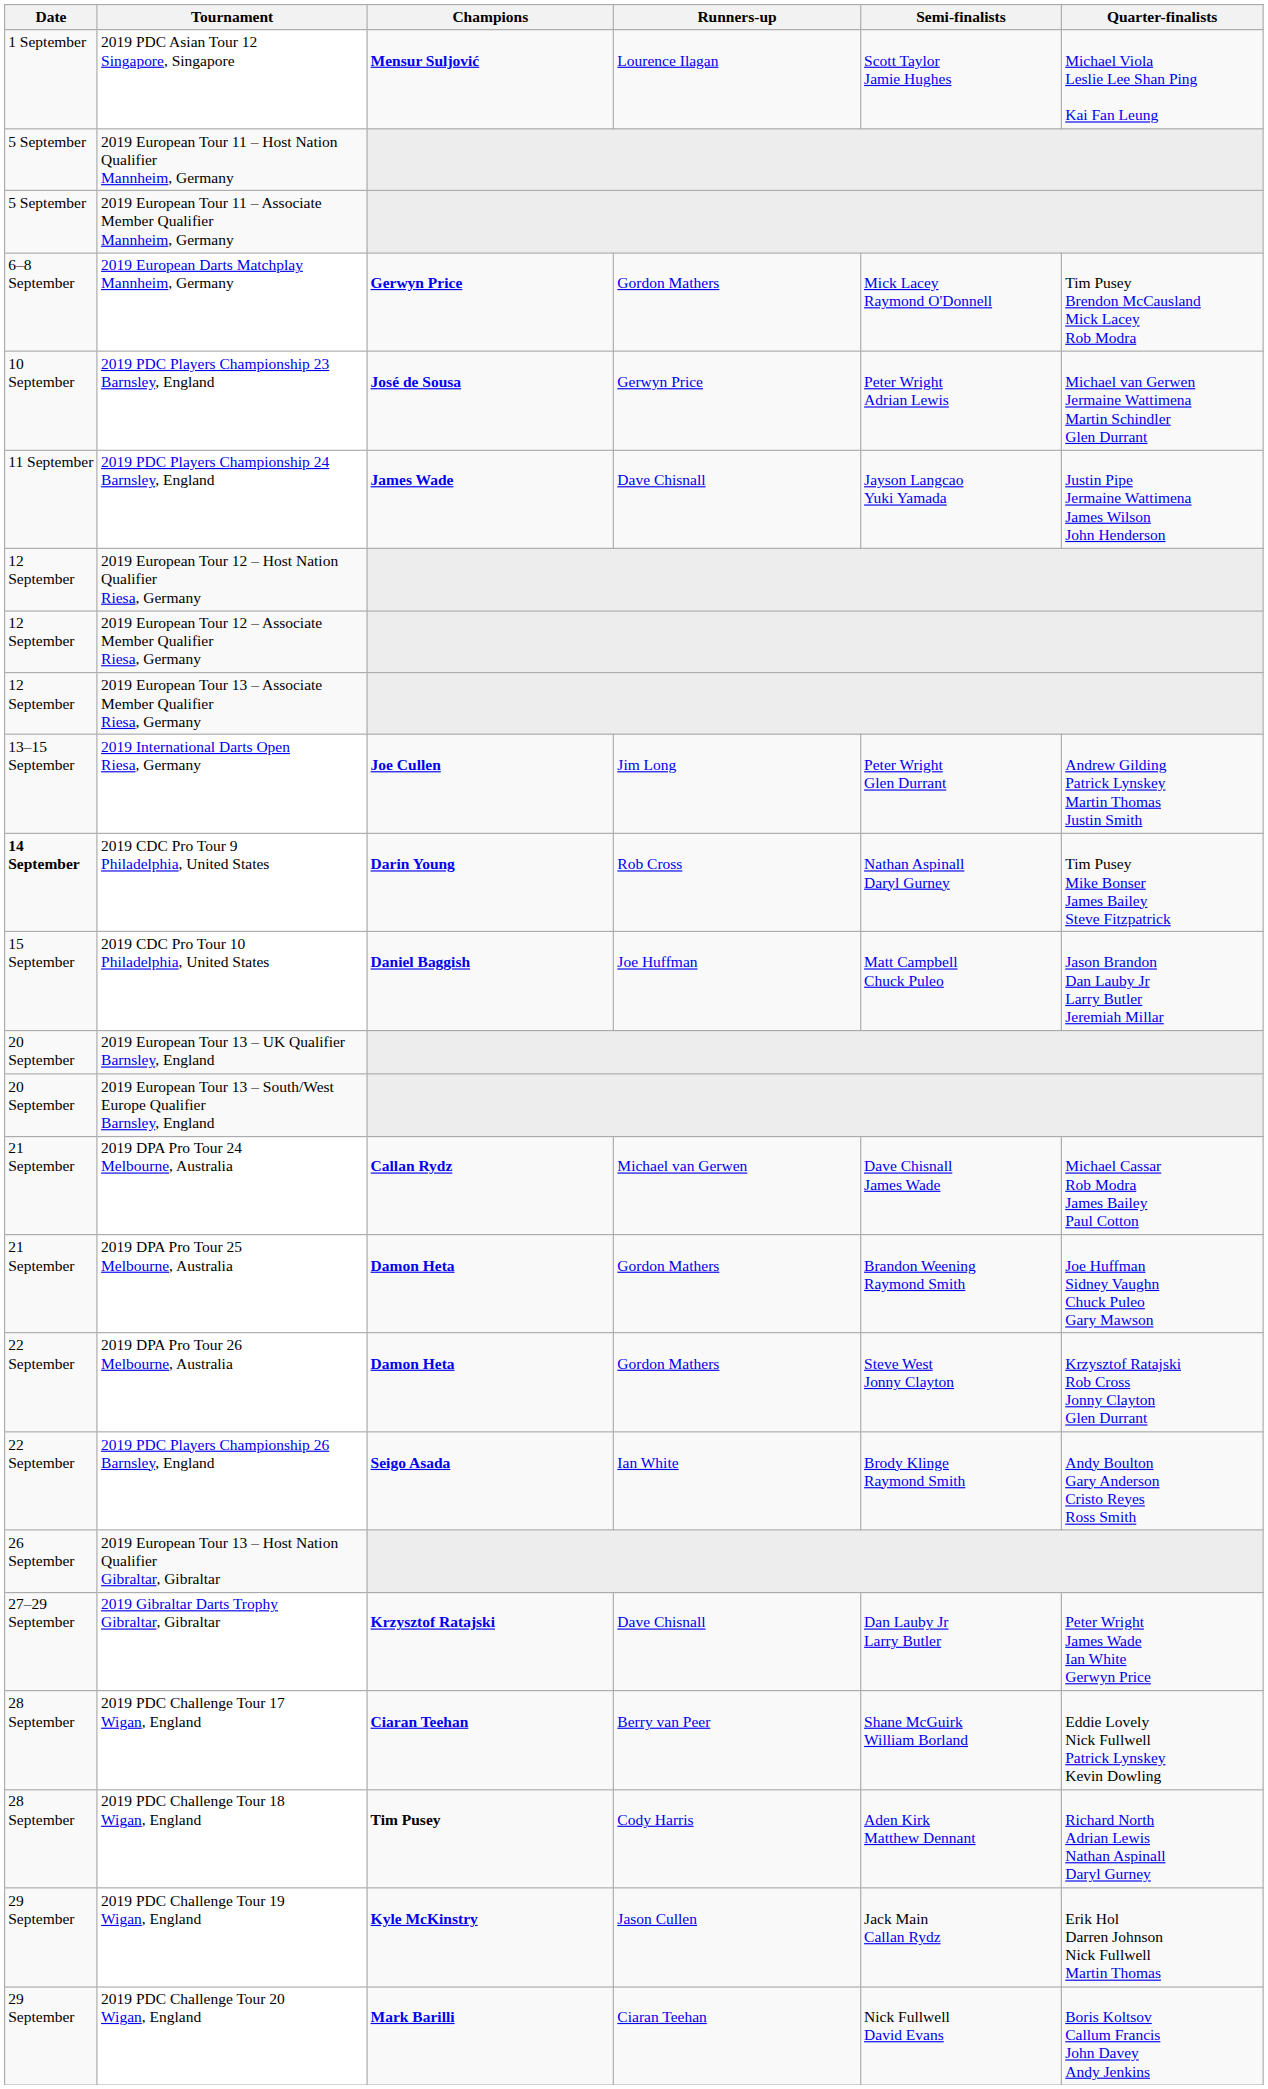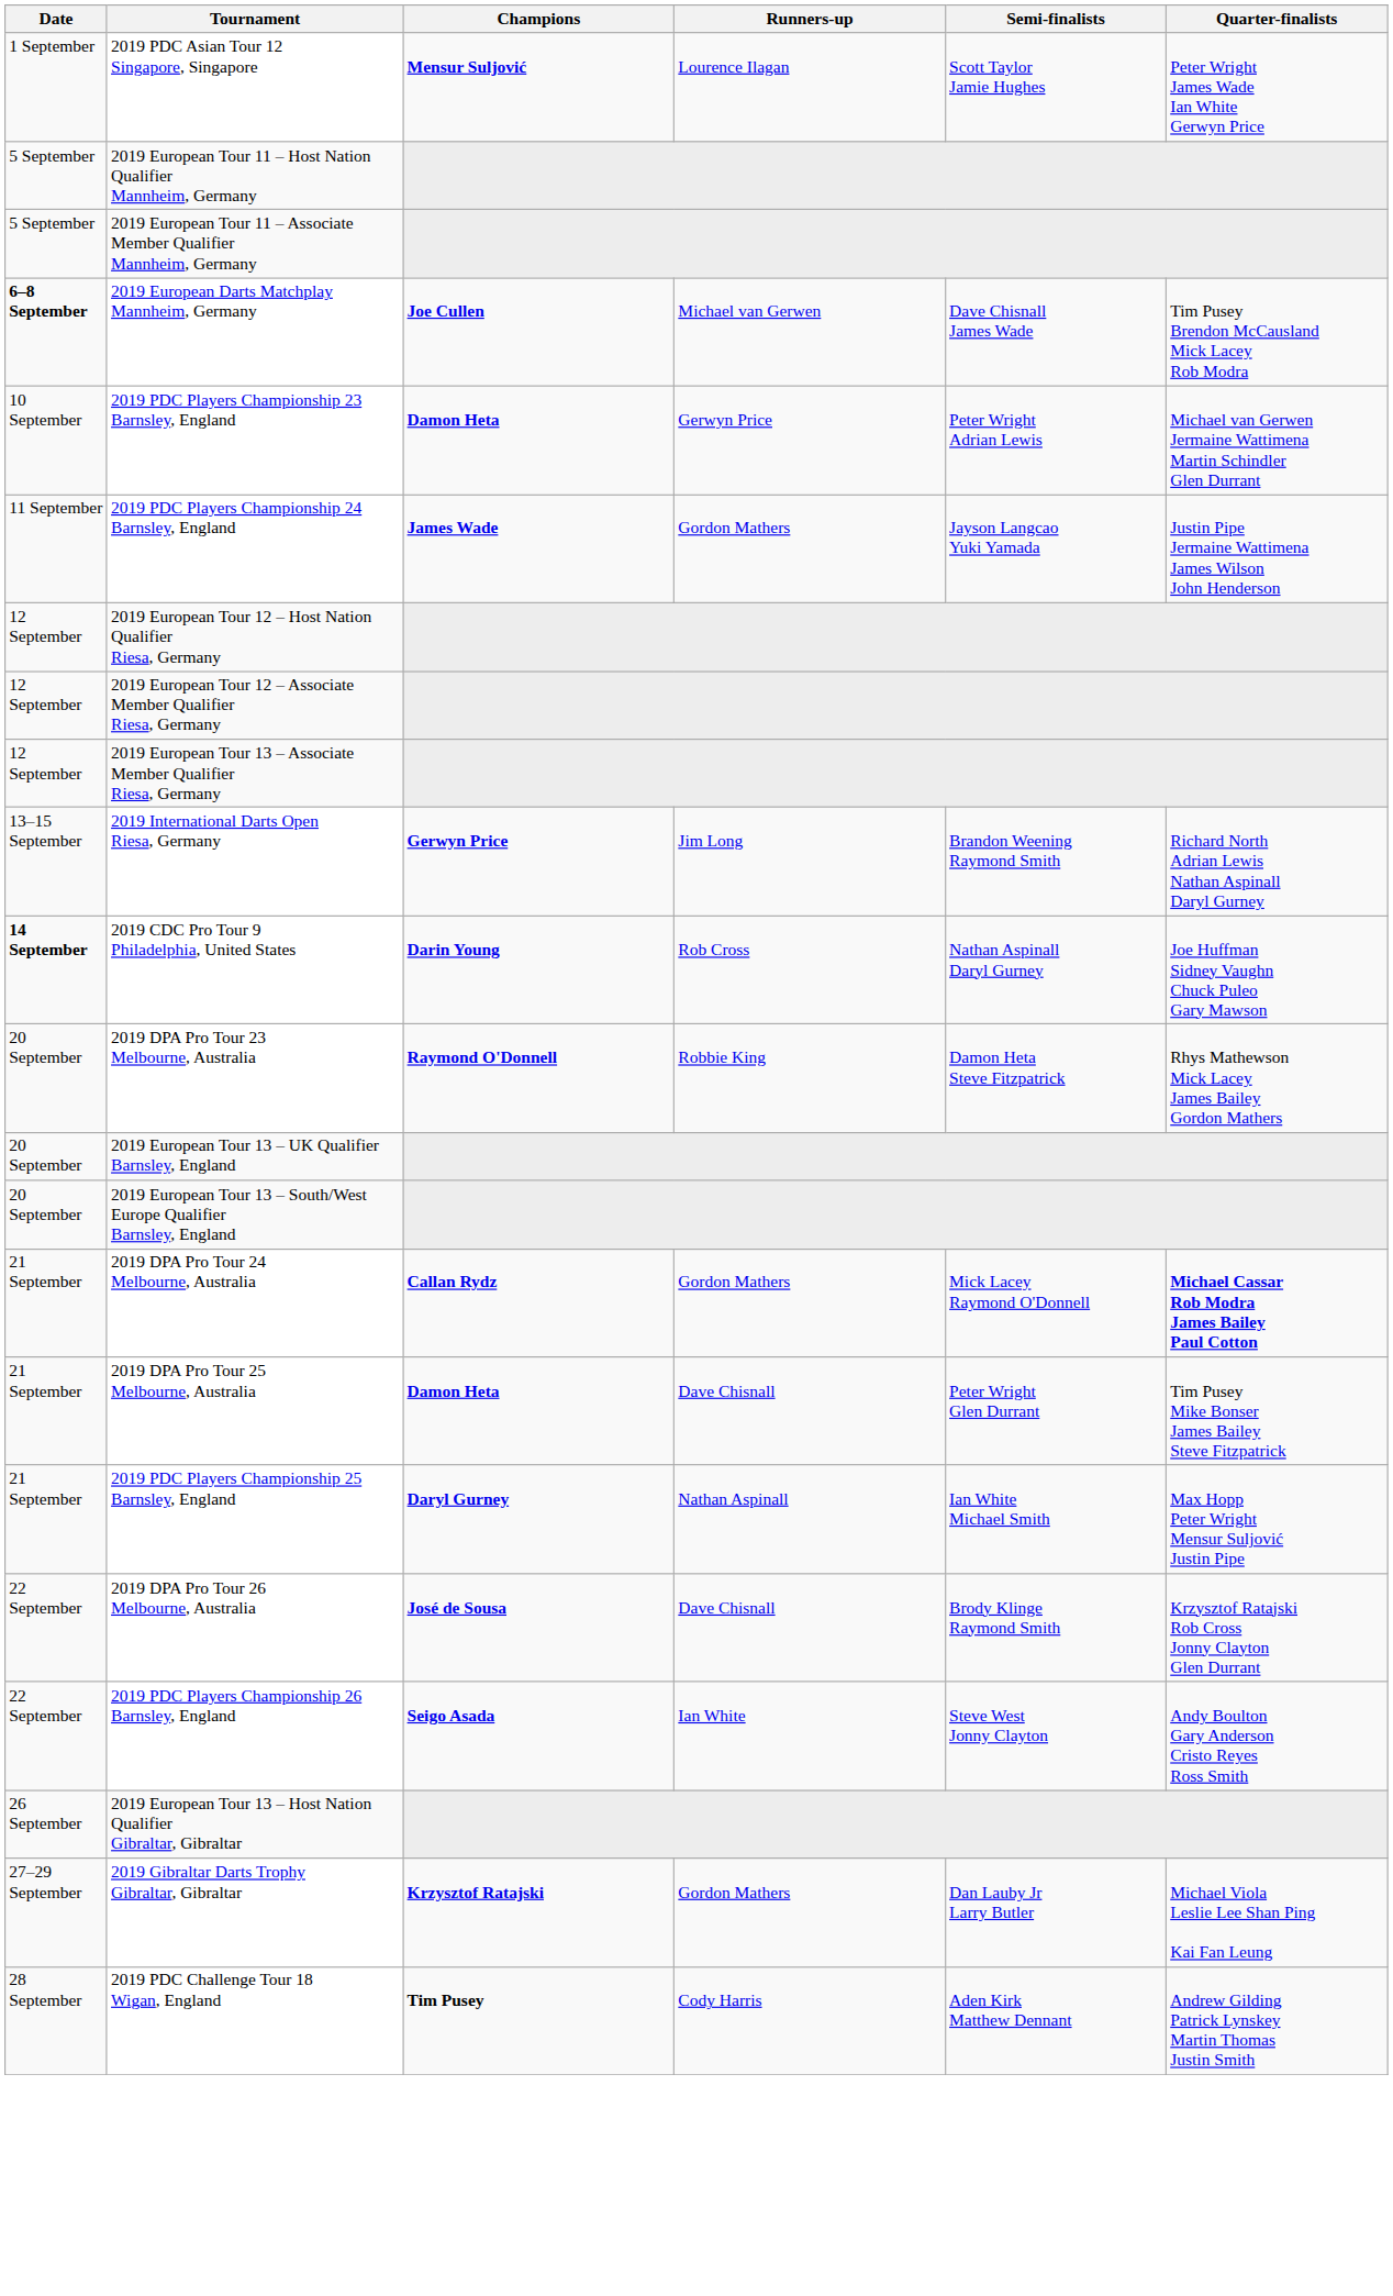 <table class=wikitable style=font-size:85%>
 <tr>
 <th width=75>Date</th>
 <th width=230>Tournament</th>
 <th width=210>Champions</th>
 <th width=210>Runners-up</th>
 <th width=170>Semi-finalists</th>
 <th width=170>Quarter-finalists</th>
 </tr>
 <tr valign="top">
 <td>1 September</td>
 <td bgcolor="#ffffff">2019 PDC Asian Tour 12<br><a href='#'>Singapore</a>, Singapore</td>
 <td><br> <strong><a href='#'>Mensur Suljović</a></strong></td>
 <td><br> <a href='#'>Lourence Ilagan</a></td>
 <td><br> <a href='#'>Scott Taylor</a> <br>  <a href='#'>Jamie Hughes</a></td>
-<td><br> <a href='#'>Michael Viola</a> <br>  <a href='#'>Leslie Lee Shan Ping</a> <br>  <br>  <a href='#'>Kai Fan Leung</a></td>
+<td><br> <a href='#'>Peter Wright</a> <br>  <a href='#'>James Wade</a> <br>  <a href='#'>Ian White</a> <br>  <a href='#'>Gerwyn Price</a></td>
 </tr>
 <tr valign="top">
 <td rowspan=1>5 September</td>
 <td>2019 European Tour 11 – Host Nation Qualifier <br><a href='#'>Mannheim</a>, Germany</td>
 <td colspan=4 bgcolor="#ededed"></td>
 </tr>
 <tr valign="top">
 <td rowspan=1>5 September</td>
 <td>2019 European Tour 11 – Associate Member Qualifier <br><a href='#'>Mannheim</a>, Germany</td>
 <td colspan=4 bgcolor="#ededed"></td>
 </tr>
 <tr valign="top">
-<td>6–8 September</td>
+<td><strong>6–8 September</strong></td>
 <td bgcolor="#ffffff"><a href='#'>2019 European Darts Matchplay</a><br><a href='#'>Mannheim</a>, Germany</td>
-<td><br> <strong><a href='#'>Gerwyn Price</a></strong></td>
-<td><br> <a href='#'>Gordon Mathers</a></td>
-<td><br> <a href='#'>Mick Lacey</a> <br>  <a href='#'>Raymond O'Donnell</a></td>
+<td><br> <strong><a href='#'>Joe Cullen</a></strong></td>
+<td><br> <a href='#'>Michael van Gerwen</a></td>
+<td><br> <a href='#'>Dave Chisnall</a> <br>  <a href='#'>James Wade</a></td>
 <td><br> Tim Pusey <br>  <a href='#'>Brendon McCausland</a> <br>  <a href='#'>Mick Lacey</a> <br>  <a href='#'>Rob Modra</a></td>
 </tr>
 <tr valign="top">
 <td>10 September</td>
 <td bgcolor="#ffffff"><a href='#'>2019 PDC Players Championship 23</a><br><a href='#'>Barnsley</a>, England</td>
-<td><br> <strong><a href='#'>José de Sousa</a></strong></td>
+<td><br> <strong><a href='#'>Damon Heta</a></strong></td>
 <td><br> <a href='#'>Gerwyn Price</a></td>
 <td><br> <a href='#'>Peter Wright</a> <br>  <a href='#'>Adrian Lewis</a></td>
 <td><br> <a href='#'>Michael van Gerwen</a> <br>  <a href='#'>Jermaine Wattimena</a> <br>  <a href='#'>Martin Schindler</a> <br>  <a href='#'>Glen Durrant</a></td>
 </tr>
 <tr valign="top">
 <td>11 September</td>
 <td bgcolor="#ffffff"><a href='#'>2019 PDC Players Championship 24</a><br><a href='#'>Barnsley</a>, England</td>
 <td><br> <strong><a href='#'>James Wade</a></strong></td>
-<td><br> <a href='#'>Dave Chisnall</a></td>
+<td><br> <a href='#'>Gordon Mathers</a></td>
 <td><br> <a href='#'>Jayson Langcao</a> <br>  <a href='#'>Yuki Yamada</a></td>
 <td><br> <a href='#'>Justin Pipe</a> <br>  <a href='#'>Jermaine Wattimena</a> <br>  <a href='#'>James Wilson</a> <br>  <a href='#'>John Henderson</a></td>
 </tr>
 <tr valign="top">
 <td rowspan=1>12 September</td>
 <td>2019 European Tour 12 – Host Nation Qualifier <br><a href='#'>Riesa</a>, Germany</td>
 <td colspan=4 bgcolor="#ededed"></td>
 </tr>
 <tr valign="top">
 <td rowspan=1>12 September</td>
 <td>2019 European Tour 12 – Associate Member Qualifier <br><a href='#'>Riesa</a>, Germany</td>
 <td colspan=4 bgcolor="#ededed"></td>
 </tr>
 <tr valign="top">
 <td rowspan=1>12 September</td>
 <td>2019 European Tour 13 – Associate Member Qualifier <br><a href='#'>Riesa</a>, Germany</td>
 <td colspan=4 bgcolor="#ededed"></td>
 </tr>
 <tr valign="top">
 <td>13–15 September</td>
 <td bgcolor="#ffffff"><a href='#'>2019 International Darts Open</a><br><a href='#'>Riesa</a>, Germany</td>
-<td><br> <strong><a href='#'>Joe Cullen</a></strong></td>
+<td><br> <strong><a href='#'>Gerwyn Price</a></strong></td>
 <td><br> <a href='#'>Jim Long</a></td>
-<td><br> <a href='#'>Peter Wright</a> <br>  <a href='#'>Glen Durrant</a></td>
-<td><br> <a href='#'>Andrew Gilding</a> <br>  <a href='#'>Patrick Lynskey</a> <br>  <a href='#'>Martin Thomas</a> <br>  <a href='#'>Justin Smith</a></td>
+<td><br> <a href='#'>Brandon Weening</a> <br>  <a href='#'>Raymond Smith</a></td>
+<td><br> <a href='#'>Richard North</a> <br>  <a href='#'>Adrian Lewis</a> <br>  <a href='#'>Nathan Aspinall</a> <br>  <a href='#'>Daryl Gurney</a></td>
 </tr>
 <tr valign="top">
 <td><strong>14 September</strong></td>
 <td bgcolor="#ffffff">2019 CDC Pro Tour 9<br><a href='#'>Philadelphia</a>, United States</td>
 <td><br> <strong><a href='#'>Darin Young</a></strong></td>
 <td><br> <a href='#'>Rob Cross</a></td>
 <td><br> <a href='#'>Nathan Aspinall</a> <br>  <a href='#'>Daryl Gurney</a></td>
-<td><br> Tim Pusey <br>  <a href='#'>Mike Bonser</a> <br>  <a href='#'>James Bailey</a> <br>  <a href='#'>Steve Fitzpatrick</a></td>
+<td><br> <a href='#'>Joe Huffman</a> <br>  <a href='#'>Sidney Vaughn</a> <br>  <a href='#'>Chuck Puleo</a> <br>  <a href='#'>Gary Mawson</a></td>
 </tr>
 <tr valign="top">
-<td>15 September</td>
-<td bgcolor="#ffffff">2019 CDC Pro Tour 10<br><a href='#'>Philadelphia</a>, United States</td>
-<td><br> <strong><a href='#'>Daniel Baggish</a></strong></td>
-<td><br> <a href='#'>Joe Huffman</a></td>
-<td><br> <a href='#'>Matt Campbell</a> <br>  <a href='#'>Chuck Puleo</a></td>
-<td><br> <a href='#'>Jason Brandon</a> <br>  <a href='#'>Dan Lauby Jr</a> <br>  <a href='#'>Larry Butler</a> <br>  <a href='#'>Jeremiah Millar</a></td>
+<td>20 September</td>
+<td bgcolor="#ffffff">2019 DPA Pro Tour 23<br><a href='#'>Melbourne</a>, Australia</td>
+<td><br> <strong><a href='#'>Raymond O'Donnell</a></strong></td>
+<td><br> <a href='#'>Robbie King</a></td>
+<td><br> <a href='#'>Damon Heta</a> <br>  <a href='#'>Steve Fitzpatrick</a></td>
+<td><br> Rhys Mathewson <br>  <a href='#'>Mick Lacey</a> <br>  <a href='#'>James Bailey</a> <br>  <a href='#'>Gordon Mathers</a></td>
 </tr>
 <tr valign="top">
 <td rowspan=1>20 September</td>
 <td>2019 European Tour 13 – UK Qualifier <br><a href='#'>Barnsley</a>, England</td>
 <td colspan=4 bgcolor="#ededed"></td>
 </tr>
 <tr valign="top">
 <td rowspan=1>20 September</td>
 <td>2019 European Tour 13 – South/West Europe Qualifier <br><a href='#'>Barnsley</a>, England</td>
 <td colspan=4 bgcolor="#ededed"></td>
 </tr>
 <tr valign="top">
 <td>21 September</td>
 <td bgcolor="#ffffff">2019 DPA Pro Tour 24<br><a href='#'>Melbourne</a>, Australia</td>
 <td><br> <strong><a href='#'>Callan Rydz</a></strong></td>
-<td><br> <a href='#'>Michael van Gerwen</a></td>
-<td><br> <a href='#'>Dave Chisnall</a> <br>  <a href='#'>James Wade</a></td>
-<td><br> <a href='#'>Michael Cassar</a> <br>  <a href='#'>Rob Modra</a> <br>  <a href='#'>James Bailey</a> <br>  <a href='#'>Paul Cotton</a></td>
+<td><br> <a href='#'>Gordon Mathers</a></td>
+<td><br> <a href='#'>Mick Lacey</a> <br>  <a href='#'>Raymond O'Donnell</a></td>
+<td><strong><br> <a href='#'>Michael Cassar</a> <br>  <a href='#'>Rob Modra</a> <br>  <a href='#'>James Bailey</a> <br>  <a href='#'>Paul Cotton</a></strong></td>
 </tr>
 <tr valign="top">
 <td>21 September</td>
 <td bgcolor="#ffffff">2019 DPA Pro Tour 25<br><a href='#'>Melbourne</a>, Australia</td>
 <td><br> <strong><a href='#'>Damon Heta</a></strong></td>
-<td><br> <a href='#'>Gordon Mathers</a></td>
-<td><br> <a href='#'>Brandon Weening</a> <br>  <a href='#'>Raymond Smith</a></td>
-<td><br> <a href='#'>Joe Huffman</a> <br>  <a href='#'>Sidney Vaughn</a> <br>  <a href='#'>Chuck Puleo</a> <br>  <a href='#'>Gary Mawson</a></td>
+<td><br> <a href='#'>Dave Chisnall</a></td>
+<td><br> <a href='#'>Peter Wright</a> <br>  <a href='#'>Glen Durrant</a></td>
+<td><br> Tim Pusey <br>  <a href='#'>Mike Bonser</a> <br>  <a href='#'>James Bailey</a> <br>  <a href='#'>Steve Fitzpatrick</a></td>
+</tr>
+<tr valign="top">
+<td>21 September</td>
+<td bgcolor="#ffffff"><a href='#'>2019 PDC Players Championship 25</a><br><a href='#'>Barnsley</a>, England</td>
+<td><br> <strong><a href='#'>Daryl Gurney</a></strong></td>
+<td><br> <a href='#'>Nathan Aspinall</a></td>
+<td><br> <a href='#'>Ian White</a> <br>  <a href='#'>Michael Smith</a></td>
+<td><br> <a href='#'>Max Hopp</a> <br>  <a href='#'>Peter Wright</a> <br>  <a href='#'>Mensur Suljović</a> <br>  <a href='#'>Justin Pipe</a></td>
 </tr>
 <tr valign="top">
 <td>22 September</td>
 <td bgcolor="#ffffff">2019 DPA Pro Tour 26<br><a href='#'>Melbourne</a>, Australia</td>
-<td><br> <strong><a href='#'>Damon Heta</a></strong></td>
-<td><br> <a href='#'>Gordon Mathers</a></td>
-<td><br> <a href='#'>Steve West</a> <br>  <a href='#'>Jonny Clayton</a></td>
+<td><br> <strong><a href='#'>José de Sousa</a></strong></td>
+<td><br> <a href='#'>Dave Chisnall</a></td>
+<td><br> <a href='#'>Brody Klinge</a> <br>  <a href='#'>Raymond Smith</a></td>
 <td><br> <a href='#'>Krzysztof Ratajski</a> <br>  <a href='#'>Rob Cross</a> <br>  <a href='#'>Jonny Clayton</a> <br>  <a href='#'>Glen Durrant</a></td>
 </tr>
 <tr valign="top">
 <td>22 September</td>
 <td bgcolor="#ffffff"><a href='#'>2019 PDC Players Championship 26</a><br><a href='#'>Barnsley</a>, England</td>
 <td><br> <strong><a href='#'>Seigo Asada</a></strong></td>
 <td><br> <a href='#'>Ian White</a></td>
-<td><br> <a href='#'>Brody Klinge</a> <br>  <a href='#'>Raymond Smith</a></td>
+<td><br> <a href='#'>Steve West</a> <br>  <a href='#'>Jonny Clayton</a></td>
 <td><br> <a href='#'>Andy Boulton</a> <br>  <a href='#'>Gary Anderson</a> <br>  <a href='#'>Cristo Reyes</a> <br>  <a href='#'>Ross Smith</a></td>
 </tr>
 <tr valign="top">
 <td rowspan=1>26 September</td>
 <td>2019 European Tour 13 – Host Nation Qualifier <br><a href='#'>Gibraltar</a>, Gibraltar</td>
 <td colspan=4 bgcolor="#ededed"></td>
 </tr>
 <tr valign="top">
 <td>27–29 September</td>
 <td bgcolor="#ffffff"><a href='#'>2019 Gibraltar Darts Trophy</a><br><a href='#'>Gibraltar</a>, Gibraltar</td>
 <td><br> <strong><a href='#'>Krzysztof Ratajski</a></strong></td>
-<td><br> <a href='#'>Dave Chisnall</a></td>
+<td><br> <a href='#'>Gordon Mathers</a></td>
 <td><br> <a href='#'>Dan Lauby Jr</a> <br>  <a href='#'>Larry Butler</a></td>
-<td><br> <a href='#'>Peter Wright</a> <br>  <a href='#'>James Wade</a> <br>  <a href='#'>Ian White</a> <br>  <a href='#'>Gerwyn Price</a></td>
-</tr>
-<tr valign="top">
-<td>28 September</td>
-<td bgcolor="#ffffff">2019 PDC Challenge Tour 17<br><a href='#'>Wigan</a>, England</td>
-<td><br> <strong><a href='#'>Ciaran Teehan</a></strong></td>
-<td><br> <a href='#'>Berry van Peer</a></td>
-<td><br> <a href='#'>Shane McGuirk</a> <br>  <a href='#'>William Borland</a></td>
-<td><br> Eddie Lovely <br>  Nick Fullwell <br>  <a href='#'>Patrick Lynskey</a> <br>  Kevin Dowling</td>
+<td><br> <a href='#'>Michael Viola</a> <br>  <a href='#'>Leslie Lee Shan Ping</a> <br>  <br>  <a href='#'>Kai Fan Leung</a></td>
 </tr>
 <tr valign="top">
 <td>28 September</td>
 <td bgcolor="#ffffff">2019 PDC Challenge Tour 18<br><a href='#'>Wigan</a>, England</td>
 <td><br> <strong>Tim Pusey</strong></td>
 <td><br> <a href='#'>Cody Harris</a></td>
 <td><br> <a href='#'>Aden Kirk</a> <br>  <a href='#'>Matthew Dennant</a></td>
-<td><br> <a href='#'>Richard North</a> <br>  <a href='#'>Adrian Lewis</a> <br>  <a href='#'>Nathan Aspinall</a> <br>  <a href='#'>Daryl Gurney</a></td>
-</tr>
-<tr valign="top">
-<td>29 September</td>
-<td bgcolor="#ffffff">2019 PDC Challenge Tour 19<br><a href='#'>Wigan</a>, England</td>
-<td><br> <strong><a href='#'>Kyle McKinstry</a></strong></td>
-<td><br> <a href='#'>Jason Cullen</a></td>
-<td><br> Jack Main <br>  <a href='#'>Callan Rydz</a></td>
-<td><br> Erik Hol <br>  Darren Johnson <br>  Nick Fullwell <br>  <a href='#'>Martin Thomas</a></td>
-</tr>
-<tr valign="top">
-<td>29 September</td>
-<td bgcolor="#ffffff">2019 PDC Challenge Tour 20<br><a href='#'>Wigan</a>, England</td>
-<td><br> <strong><a href='#'>Mark Barilli</a></strong></td>
-<td><br> <a href='#'>Ciaran Teehan</a></td>
-<td><br> Nick Fullwell <br>  <a href='#'>David Evans</a></td>
-<td><br> <a href='#'>Boris Koltsov</a> <br>  <a href='#'>Callum Francis</a> <br>  <a href='#'>John Davey</a> <br>  <a href='#'>Andy Jenkins</a></td>
+<td><br> <a href='#'>Andrew Gilding</a> <br>  <a href='#'>Patrick Lynskey</a> <br>  <a href='#'>Martin Thomas</a> <br>  <a href='#'>Justin Smith</a></td>
 </tr>
 </table>
